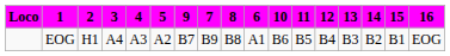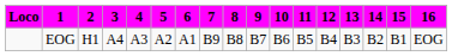 <table class="wikitable plainrowheaders unsortable" style="text-align:center">
 <tr>
 <th scope="col" rowspan="1" style="background:magenta;">Loco</th>
 <th scope="col" rowspan="1" style="background:magenta;">1</th>
 <th scope="col" rowspan="1" style="background:magenta;">2</th>
 <th scope="col" rowspan="1" style="background:magenta;">3</th>
 <th scope="col" rowspan="1" style="background:magenta;">4</th>
 <th scope="col" rowspan="1" style="background:magenta;">5</th>
-<th scope="col" rowspan="1" style="background:magenta;">9</th>
+<th scope="col" rowspan="1" style="background:magenta;">6</th>
 <th scope="col" rowspan="1" style="background:magenta;">7</th>
 <th scope="col" rowspan="1" style="background:magenta;">8</th>
-<th scope="col" rowspan="1" style="background:magenta;">6</th>
+<th scope="col" rowspan="1" style="background:magenta;">9</th>
 <th scope="col" rowspan="1" style="background:magenta;">10</th>
 <th scope="col" rowspan="1" style="background:magenta;">11</th>
 <th scope="col" rowspan="1" style="background:magenta;">12</th>
 <th scope="col" rowspan="1" style="background:magenta;">13</th>
 <th scope="col" rowspan="1" style="background:magenta;">14</th>
 <th scope="col" rowspan="1" style="background:magenta;">15</th>
 <th scope="col" rowspan="1" style="background:magenta;">16</th>
 </tr>
 <tr>
 <td></td>
 <td>EOG</td>
 <td>H1</td>
 <td>A4</td>
 <td>A3</td>
 <td>A2</td>
-<td>B7</td>
+<td>A1</td>
 <td>B9</td>
 <td>B8</td>
-<td>A1</td>
+<td>B7</td>
 <td>B6</td>
 <td>B5</td>
 <td>B4</td>
 <td>B3</td>
 <td>B2</td>
 <td>B1</td>
 <td>EOG</td>
 </tr>
 </table>
